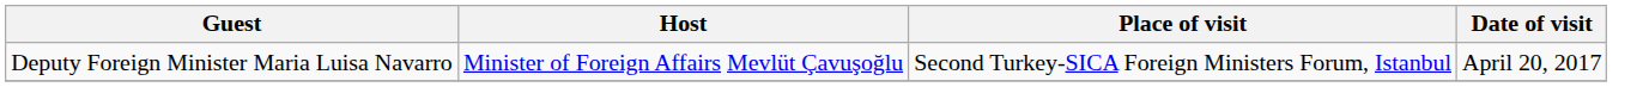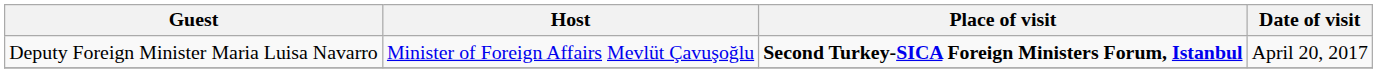 <table class="wikitable" border="1">
 <tr>
 <th>Guest</th>
 <th>Host</th>
 <th>Place of visit</th>
 <th>Date of visit</th>
 </tr>
 <tr>
 <td> Deputy Foreign Minister Maria Luisa Navarro</td>
 <td> <a href='#'>Minister of Foreign Affairs</a> <a href='#'>Mevlüt Çavuşoğlu</a></td>
-<td>Second Turkey-<a href='#'>SICA</a> Foreign Ministers Forum, <a href='#'>Istanbul</a></td>
+<td><strong>Second Turkey-<a href='#'>SICA</a> Foreign Ministers Forum, <a href='#'>Istanbul</a></strong></td>
 <td>April 20, 2017</td>
 </tr>
 <tr>
 </tr>
 </table>
